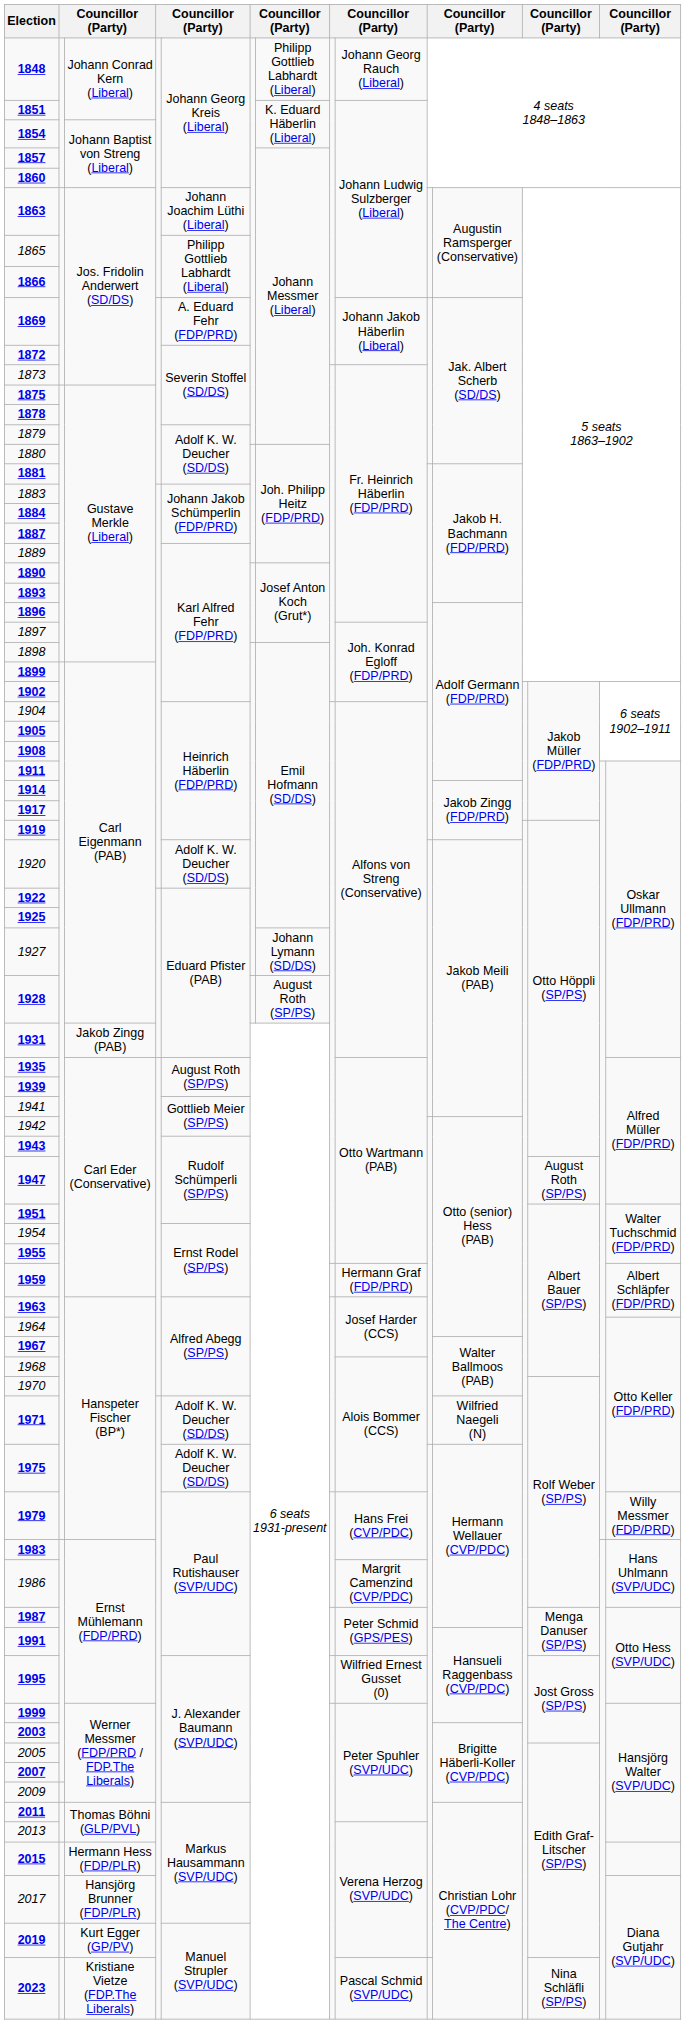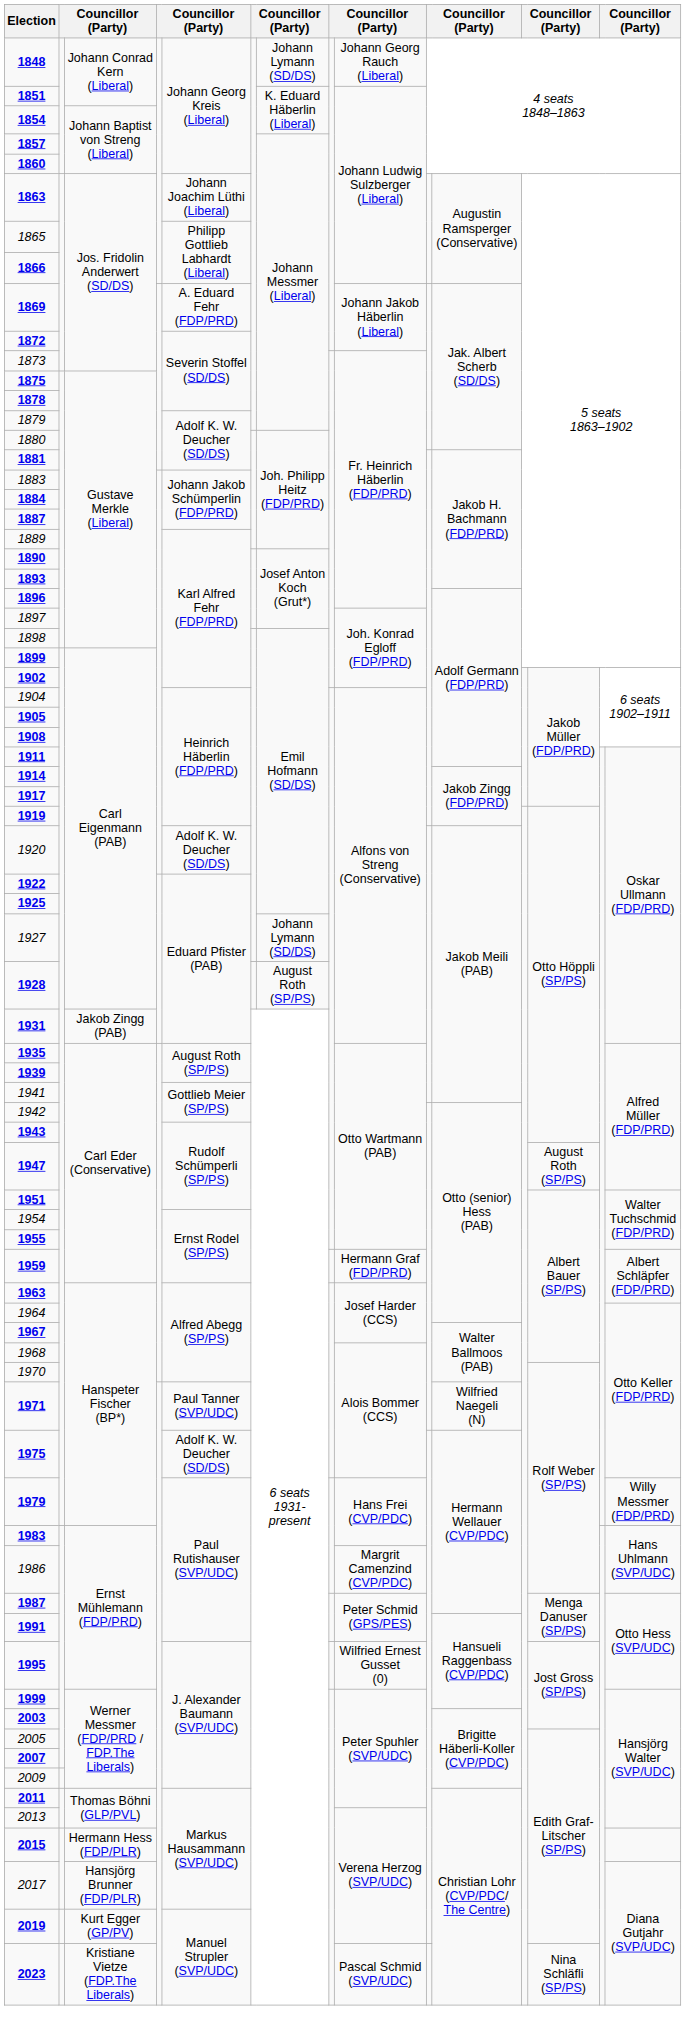 <table class="wikitable" style="text-align:center">
 <tr>
 <th>Election</th>
 <th colspan=2>Councillor<br>(Party)</th>
 <th colspan=2>Councillor<br>(Party)</th>
 <th colspan=2>Councillor<br>(Party)</th>
 <th colspan=2>Councillor<br>(Party)</th>
 <th colspan=2>Councillor<br>(Party)</th>
 <th colspan=2>Councillor<br>(Party)</th>
 <th colspan=2>Councillor<br>(Party)</th>
 </tr>
 <tr>
 <td><strong><a href='#'>1848</a></strong></td>
 <td rowspan=5; style="background-color: "></td>
 <td rowspan=2>Johann Conrad Kern<br>(<a href='#'>Liberal</a>)</td>
 <td rowspan=8; style="background-color: "></td>
 <td rowspan=5>Johann Georg Kreis<br>(<a href='#'>Liberal</a>)</td>
 <td rowspan=14; style="background-color: "></td>
-<td rowspan=1>Philipp Gottlieb Labhardt<br>(<a href='#'>Liberal</a>)</td>
+<td rowspan=1>Johann Lymann<br>(<a href='#'>SD/DS</a>)</td>
 <td rowspan=10; style="background-color: "></td>
 <td rowspan=1>Johann Georg Rauch<br>(<a href='#'>Liberal</a>)</td>
 <td style="background-color:#FFFFFF" rowspan=5 colspan=6><em>4 seats<br>1848–1863</em></td>
 </tr>
 <tr>
 <td><strong><a href='#'>1851</a></strong></td>
 <td rowspan=2>K. Eduard Häberlin<br>(<a href='#'>Liberal</a>)</td>
 <td rowspan=7>Johann Ludwig Sulzberger<br>(<a href='#'>Liberal</a>)</td>
 </tr>
 <tr>
 <td><strong><a href='#'>1854</a></strong></td>
 <td rowspan=3>Johann Baptist von Streng<br>(<a href='#'>Liberal</a>)</td>
 </tr>
 <tr>
 <td><strong><a href='#'>1857</a></strong></td>
 <td rowspan=11>Johann Messmer<br>(<a href='#'>Liberal</a>)</td>
 </tr>
 <tr>
 <td><strong><a href='#'>1860</a></strong></td>
 </tr>
 <tr>
 <td><strong><a href='#'>1863</a></strong></td>
 <td rowspan=6; style="background-color: "></td>
 <td rowspan=6>Jos. Fridolin Anderwert<br>(<a href='#'>SD/DS</a>)</td>
 <td rowspan=1>Johann Joachim Lüthi<br>(<a href='#'>Liberal</a>)</td>
 <td rowspan=3; style="background-color: "></td>
 <td rowspan=3>Augustin Ramsperger<br>(Conservative)</td>
 <td style="background-color:#FFFFFF" rowspan=21 colspan=4><em>5 seats<br>1863–1902</em></td>
 </tr>
 <tr>
 <td><em>1865</em></td>
 <td rowspan=2>Philipp Gottlieb Labhardt<br>(<a href='#'>Liberal</a>)</td>
 </tr>
 <tr>
 <td><strong><a href='#'>1866</a></strong></td>
 </tr>
 <tr>
 <td><strong><a href='#'>1869</a></strong></td>
 <td rowspan=8; style="background-color: "></td>
 <td rowspan=1>A. Eduard Fehr<br>(<a href='#'>FDP/PRD</a>)</td>
 <td rowspan=2>Johann Jakob Häberlin<br>(<a href='#'>Liberal</a>)</td>
 <td rowspan=7; style="background-color: "></td>
 <td rowspan=7>Jak. Albert Scherb<br>(<a href='#'>SD/DS</a>)</td>
 </tr>
 <tr>
 <td><strong><a href='#'>1872</a></strong></td>
 <td rowspan=4>Severin Stoffel<br>(<a href='#'>SD/DS</a>)</td>
 </tr>
 <tr>
 <td><em>1873</em></td>
 <td rowspan=17; style="background-color: "></td>
 <td rowspan=13>Fr. Heinrich Häberlin<br>(<a href='#'>FDP/PRD</a>)</td>
 </tr>
 <tr>
 <td><strong><a href='#'>1875</a></strong></td>
 <td rowspan=14; style="background-color: "></td>
 <td rowspan=14>Gustave Merkle<br>(<a href='#'>Liberal</a>)</td>
 </tr>
 <tr>
 <td><strong><a href='#'>1878</a></strong></td>
 </tr>
 <tr>
 <td><em>1879</em></td>
 <td rowspan=3>Adolf K. W. Deucher<br>(<a href='#'>SD/DS</a>)</td>
 </tr>
 <tr>
 <td><em>1880</em></td>
 <td rowspan=6; style="background-color: "></td>
 <td rowspan=6>Joh. Philipp Heitz<br>(<a href='#'>FDP/PRD</a>)</td>
 </tr>
 <tr>
 <td><strong><a href='#'>1881</a></strong></td>
 <td rowspan=19; style="background-color: "></td>
 <td rowspan=7>Jakob H. Bachmann<br>(<a href='#'>FDP/PRD</a>)</td>
 </tr>
 <tr>
 <td><em>1883</em></td>
 <td rowspan=19; style="background-color: "></td>
 <td rowspan=3>Johann Jakob Schümperlin<br>(<a href='#'>FDP/PRD</a>)</td>
 </tr>
 <tr>
 <td><strong><a href='#'>1884</a></strong></td>
 </tr>
 <tr>
 <td><strong><a href='#'>1887</a></strong></td>
 </tr>
 <tr>
 <td><em>1889</em></td>
 <td rowspan=8>Karl Alfred Fehr<br>(<a href='#'>FDP/PRD</a>)</td>
 </tr>
 <tr>
 <td><strong><a href='#'>1890</a></strong></td>
 <td rowspan=4; style="background-color: "></td>
 <td rowspan=4>Josef Anton Koch<br>(Grut*)</td>
 </tr>
 <tr>
 <td><strong><a href='#'>1893</a></strong></td>
 </tr>
 <tr>
 <td><strong><a href='#'>1896</a></strong></td>
 <td rowspan=9>Adolf Germann<br>(<a href='#'>FDP/PRD</a>)</td>
 </tr>
 <tr>
 <td><em>1897</em></td>
 <td rowspan=4>Joh. Konrad Egloff<br>(<a href='#'>FDP/PRD</a>)</td>
 </tr>
 <tr>
 <td><em>1898</em></td>
 <td rowspan=14; style="background-color: "></td>
 <td rowspan=13>Emil Hofmann<br>(<a href='#'>SD/DS</a>)</td>
 </tr>
 <tr>
 <td><strong><a href='#'>1899</a></strong></td>
 <td rowspan=33; style="background-color: "></td>
 <td rowspan=14>Carl Eigenmann<br>(PAB)</td>
 </tr>
 <tr>
 <td><strong><a href='#'>1902</a></strong></td>
 <td rowspan=7; style="background-color: "></td>
 <td rowspan=7>Jakob Müller<br>(<a href='#'>FDP/PRD</a>)</td>
 <td style="background-color:#FFFFFF" rowspan=4 colspan=2><em>6 seats<br>1902–1911</em></td>
 </tr>
 <tr>
 <td><em>1904</em></td>
 <td rowspan=7>Heinrich Häberlin<br>(<a href='#'>FDP/PRD</a>)</td>
 <td rowspan=22; style="background-color: "></td>
 <td rowspan=13>Alfons von Streng<br>(Conservative)</td>
 </tr>
 <tr>
 <td><strong><a href='#'>1905</a></strong></td>
 </tr>
 <tr>
 <td><strong><a href='#'>1908</a></strong></td>
 </tr>
 <tr>
 <td><strong><a href='#'>1911</a></strong></td>
 <td rowspan=28; style="background-color: "></td>
 <td rowspan=10>Oskar Ullmann<br>(<a href='#'>FDP/PRD</a>)</td>
 </tr>
 <tr>
 <td><strong><a href='#'>1914</a></strong></td>
 <td rowspan=3>Jakob Zingg<br>(<a href='#'>FDP/PRD</a>)</td>
 </tr>
 <tr>
 <td><strong><a href='#'>1917</a></strong></td>
 </tr>
 <tr>
 <td><strong><a href='#'>1919</a></strong></td>
 <td rowspan=41; style="background-color: "></td>
 <td rowspan=12>Otto Höppli<br>(<a href='#'>SP/PS</a>)</td>
 </tr>
 <tr>
 <td><em>1920</em></td>
 <td rowspan=1>Adolf K. W. Deucher<br>(<a href='#'>SD/DS</a>)</td>
 <td rowspan=9; style="background-color: "></td>
 <td rowspan=9>Jakob Meili<br>(PAB)</td>
 </tr>
 <tr>
 <td><strong><a href='#'>1922</a></strong></td>
 <td rowspan=5; style="background-color: "></td>
 <td rowspan=5>Eduard Pfister<br>(PAB)</td>
 </tr>
 <tr>
 <td><strong><a href='#'>1925</a></strong></td>
 </tr>
 <tr>
 <td><em>1927</em></td>
 <td rowspan=1>Johann Lymann<br>(<a href='#'>SD/DS</a>)</td>
 </tr>
 <tr>
 <td><strong><a href='#'>1928</a></strong></td>
 <td rowspan=1; style="background-color: "></td>
 <td rowspan=1>August Roth<br>(<a href='#'>SP/PS</a>)</td>
 </tr>
 <tr>
 <td><strong><a href='#'>1931</a></strong></td>
 <td rowspan=1>Jakob Zingg<br>(PAB)</td>
 <td style="background-color:#FFFFFF" rowspan=35 colspan=2><em>6 seats<br>1931-present</em></td>
 </tr>
 <tr>
 <td><strong><a href='#'>1935</a></strong></td>
 <td rowspan=10>Carl Eder<br>(Conservative)</td>
 <td rowspan=15; style="background-color: "></td>
 <td rowspan=2>August Roth<br>(<a href='#'>SP/PS</a>)</td>
 <td rowspan=9>Otto Wartmann<br>(PAB)</td>
 <td rowspan=6>Alfred Müller<br>(<a href='#'>FDP/PRD</a>)</td>
 </tr>
 <tr>
 <td><strong><a href='#'>1939</a></strong></td>
 </tr>
 <tr>
 <td><em>1941</em></td>
 <td rowspan=2>Gottlieb Meier<br>(<a href='#'>SP/PS</a>)</td>
 </tr>
 <tr>
 <td><em>1942</em></td>
 <td rowspan=13; style="background-color: "></td>
 <td rowspan=9>Otto (senior) Hess<br>(PAB)</td>
 </tr>
 <tr>
 <td><strong><a href='#'>1943</a></strong></td>
 <td rowspan=3>Rudolf Schümperli<br>(<a href='#'>SP/PS</a>)</td>
 </tr>
 <tr>
 <td><strong><a href='#'>1947</a></strong></td>
 <td rowspan=1>August Roth<br>(<a href='#'>SP/PS</a>)</td>
 </tr>
 <tr>
 <td><strong><a href='#'>1951</a></strong></td>
 <td rowspan=8>Albert Bauer<br>(<a href='#'>SP/PS</a>)</td>
 <td rowspan=3>Walter Tuchschmid<br>(<a href='#'>FDP/PRD</a>)</td>
 </tr>
 <tr>
 <td><em>1954</em></td>
 <td rowspan=3>Ernst Rodel<br>(<a href='#'>SP/PS</a>)</td>
 </tr>
 <tr>
 <td><strong><a href='#'>1955</a></strong></td>
 </tr>
 <tr>
 <td><strong><a href='#'>1959</a></strong></td>
 <td rowspan=1; style="background-color: "></td>
 <td rowspan=1>Hermann Graf<br>(<a href='#'>FDP/PRD</a>)</td>
 <td rowspan=2>Albert Schläpfer<br>(<a href='#'>FDP/PRD</a>)</td>
 </tr>
 <tr>
 <td><strong><a href='#'>1963</a></strong></td>
 <td rowspan=8>Hanspeter Fischer<br>(BP*)</td>
 <td rowspan=5>Alfred Abegg<br>(<a href='#'>SP/PS</a>)</td>
 <td rowspan=7; style="background-color: "></td>
 <td rowspan=3>Josef Harder<br>(CCS)</td>
 </tr>
 <tr>
 <td><em>1964</em></td>
 <td rowspan=6>Otto Keller<br>(<a href='#'>FDP/PRD</a>)</td>
 </tr>
 <tr>
 <td><strong><a href='#'>1967</a></strong></td>
 <td rowspan=3>Walter Ballmoos<br>(PAB)</td>
 </tr>
 <tr>
 <td><em>1968</em></td>
 <td rowspan=4>Alois Bommer<br>(CCS)</td>
 </tr>
 <tr>
 <td><em>1970</em></td>
 <td rowspan=6>Rolf Weber<br>(<a href='#'>SP/PS</a>)</td>
 </tr>
 <tr>
 <td><strong><a href='#'>1971</a></strong></td>
 <td rowspan=19; style="background-color: "></td>
-<td rowspan=1>Adolf K. W. Deucher<br>(<a href='#'>SD/DS</a>)</td>
+<td rowspan=1>Paul Tanner<br>(<a href='#'>SVP/UDC</a>)</td>
 <td rowspan=1>Wilfried Naegeli<br>(N)</td>
 </tr>
 <tr>
 <td><strong><a href='#'>1975</a></strong></td>
 <td rowspan=1>Adolf K. W. Deucher<br>(<a href='#'>SD/DS</a>)</td>
 <td rowspan=17; style="background-color: "></td>
 <td rowspan=5>Hermann Wellauer<br>(<a href='#'>CVP/PDC</a>)</td>
 </tr>
 <tr>
 <td><strong><a href='#'>1979</a></strong></td>
 <td rowspan=5>Paul Rutishauser<br>(<a href='#'>SVP/UDC</a>)</td>
 <td rowspan=3; style="background-color: "></td>
 <td rowspan=2>Hans Frei<br>(<a href='#'>CVP/PDC</a>)</td>
 <td rowspan=1>Willy Messmer<br>(<a href='#'>FDP/PRD</a>)</td>
 </tr>
 <tr>
 <td><strong><a href='#'>1983</a></strong></td>
 <td rowspan=9; style="background-color: "></td>
 <td rowspan=5>Ernst Mühlemann<br>(<a href='#'>FDP/PRD</a>)</td>
 <td rowspan=16; style="background-color: "></td>
 <td rowspan=2>Hans Uhlmann<br>(<a href='#'>SVP/UDC</a>)</td>
 </tr>
 <tr>
 <td><em>1986</em></td>
 <td rowspan=1>Margrit Camenzind<br>(<a href='#'>CVP/PDC</a>)</td>
 </tr>
 <tr>
 <td><strong><a href='#'>1987</a></strong></td>
 <td rowspan=2; style="background-color: "></td>
 <td rowspan=2>Peter Schmid<br>(<a href='#'>GPS/PES</a>)</td>
 <td rowspan=2>Menga Danuser<br>(<a href='#'>SP/PS</a>)</td>
 <td rowspan=3>Otto Hess<br>(<a href='#'>SVP/UDC</a>)</td>
 </tr>
 <tr>
 <td><strong><a href='#'>1991</a></strong></td>
 <td rowspan=3>Hansueli Raggenbass<br>(<a href='#'>CVP/PDC</a>)</td>
 </tr>
 <tr>
 <td><strong><a href='#'>1995</a></strong></td>
 <td rowspan=6>J. Alexander Baumann<br>(<a href='#'>SVP/UDC</a>)</td>
 <td rowspan=1; style="background-color: "></td>
 <td rowspan=1>Wilfried Ernest Gusset<br>(0)</td>
 <td rowspan=3>Jost Gross<br>(<a href='#'>SP/PS</a>)</td>
 </tr>
 <tr>
 <td><strong><a href='#'>1999</a></strong></td>
 <td rowspan=5>Werner Messmer<br>(<a href='#'>FDP/PRD</a> /<br><a href='#'>FDP.The Liberals</a>)</td>
 <td rowspan=12; style="background-color: "></td>
 <td rowspan=6>Peter Spuhler<br>(<a href='#'>SVP/UDC</a>)</td>
 <td rowspan=7>Hansjörg Walter<br>(<a href='#'>SVP/UDC</a>)</td>
 </tr>
 <tr>
 <td><strong><a href='#'>2003</a></strong></td>
 <td rowspan=4>Brigitte Häberli-Koller<br>(<a href='#'>CVP/PDC</a>)</td>
 </tr>
 <tr>
 <td><em>2005</em></td>
 <td rowspan=8>Edith Graf-Litscher<br>(<a href='#'>SP/PS</a>)</td>
 </tr>
 <tr>
 <td><strong><a href='#'>2007</a></strong></td>
 </tr>
 <tr>
 <td><em>2009</em></td>
 <td rowspan=1; style="background-color: "></td>
 </tr>
 <tr>
 <td><strong><a href='#'>2011</a></strong></td>
 <td rowspan=2; style="background-color: "></td>
 <td rowspan=2>Thomas Böhni<br>(<a href='#'>GLP/PVL</a>)</td>
 <td rowspan=4>Markus Hausammann<br>(<a href='#'>SVP/UDC</a>)</td>
 <td rowspan=6>Christian Lohr<br>(<a href='#'>CVP/PDC</a>/<br><a href='#'>The Centre</a>)</td>
 </tr>
 <tr>
 <td><em>2013</em></td>
 <td rowspan=4>Verena Herzog<br>(<a href='#'>SVP/UDC</a>)</td>
 </tr>
 <tr>
 <td><strong><a href='#'>2015</a></strong></td>
 <td rowspan=2; style="background-color: "></td>
 <td rowspan=1>Hermann Hess<br>(<a href='#'>FDP/PLR</a>)</td>
 </tr>
 <tr>
 <td><em>2017</em></td>
 <td rowspan=1>Hansjörg Brunner<br>(<a href='#'>FDP/PLR</a>)</td>
 <td rowspan=3>Diana Gutjahr<br>(<a href='#'>SVP/UDC</a>)</td>
 </tr>
 <tr>
 <td><strong><a href='#'>2019</a></strong></td>
 <td rowspan=1; style="background-color: "></td>
 <td rowspan=1>Kurt Egger<br>(<a href='#'>GP/PV</a>)</td>
 <td rowspan=2>Manuel Strupler<br>(<a href='#'>SVP/UDC</a>)</td>
 </tr>
 <tr>
 <td><strong><a href='#'>2023</a></strong></td>
 <td rowspan=1; style="background-color: "></td>
 <td rowspan=1>Kristiane Vietze<br>(<a href='#'>FDP.The Liberals</a>)</td>
 <td rowspan=1>Pascal Schmid<br>(<a href='#'>SVP/UDC</a>)</td>
 <td rowspan=1; style="background-color: "></td>
 <td rowspan=1>Nina Schläfli<br>(<a href='#'>SP/PS</a>)</td>
 </tr>
 </table>
